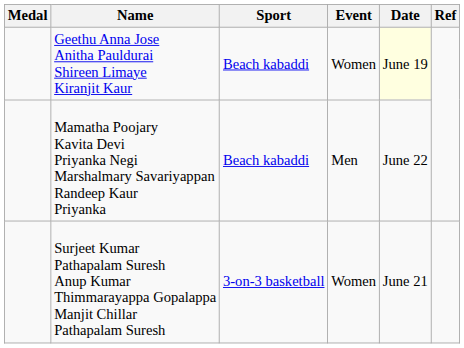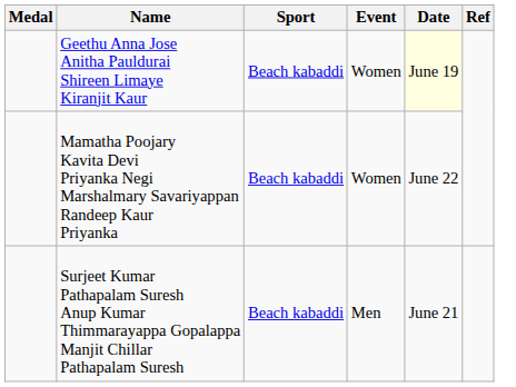 <table class="wikitable sortable">
 <tr>
 <th>Medal</th>
 <th>Name</th>
 <th>Sport</th>
 <th>Event</th>
 <th>Date</th>
 <th>Ref</th>
 </tr>
 <tr>
 <td></td>
 <td><a href='#'>Geethu Anna Jose</a><br><a href='#'>Anitha Pauldurai</a><br><a href='#'>Shireen Limaye</a><br><a href='#'>Kiranjit Kaur</a></td>
 <td><a href='#'>Beach kabaddi</a></td>
 <td>Women</td>
 <td style="background: lightyellow;">June 19</td>
 <td rowspan=2></td>
 </tr>
 <tr>
 <td></td>
 <td><br>Mamatha Poojary<br>Kavita Devi<br>Priyanka Negi<br>Marshalmary Savariyappan<br>Randeep Kaur<br>Priyanka</td>
 <td><a href='#'>Beach kabaddi</a></td>
-<td>Men</td>
+<td>Women</td>
 <td>June 22</td>
 </tr>
 <tr>
 <td></td>
 <td><br>Surjeet Kumar<br>Pathapalam Suresh<br>Anup Kumar<br>Thimmarayappa Gopalappa<br>Manjit Chillar<br>Pathapalam Suresh</td>
-<td><a href='#'>3-on-3 basketball</a></td>
-<td>Women</td>
+<td><a href='#'>Beach kabaddi</a></td>
+<td>Men</td>
 <td>June 21</td>
 <td></td>
 </tr>
 </table>
